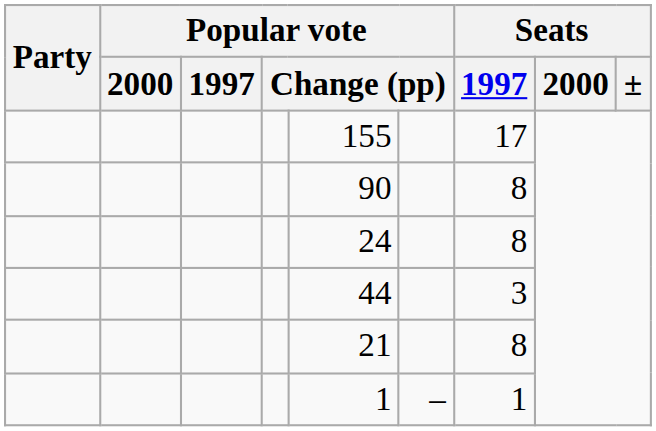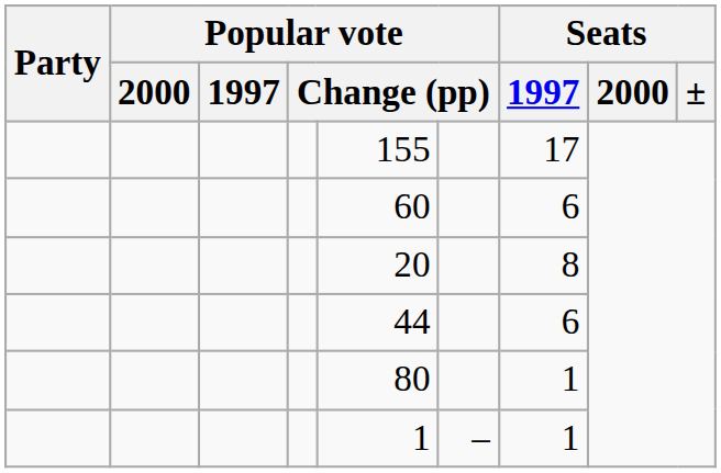 <table class="wikitable" style="text-align:right;">
 <tr>
 <th rowspan="2">Party</th>
 <th colspan="5">Popular vote</th>
 <th colspan="3">Seats</th>
 </tr>
 <tr>
 <th>2000</th>
 <th>1997</th>
 <th colspan="3">Change (pp)</th>
 <th><a href='#'>1997</a></th>
 <th>2000</th>
 <th>±</th>
 </tr>
 <tr>
 <td style="text-align:left;"></td>
 <td></td>
 <td></td>
 <td></td>
 <td>155</td>
 <td></td>
 <td>17</td>
 </tr>
 <tr>
 <td style="text-align:left;"></td>
 <td></td>
 <td></td>
 <td></td>
-<td>90</td>
+<td>60</td>
 <td></td>
-<td>8</td>
+<td>6</td>
 </tr>
 <tr>
 <td style="text-align:left;"></td>
 <td></td>
 <td></td>
 <td></td>
-<td>24</td>
+<td>20</td>
 <td></td>
 <td>8</td>
 </tr>
 <tr>
 <td style="text-align:left;"></td>
 <td></td>
 <td></td>
 <td></td>
 <td>44</td>
 <td></td>
-<td>3</td>
+<td>6</td>
 </tr>
 <tr>
 <td style="text-align:left;"></td>
 <td></td>
 <td></td>
 <td></td>
-<td>21</td>
+<td>80</td>
 <td></td>
-<td>8</td>
+<td>1</td>
 </tr>
 <tr>
 <td style="text-align:left;"></td>
 <td></td>
 <td></td>
 <td></td>
 <td>1</td>
 <td>–</td>
 <td>1</td>
 </tr>
 </table>
